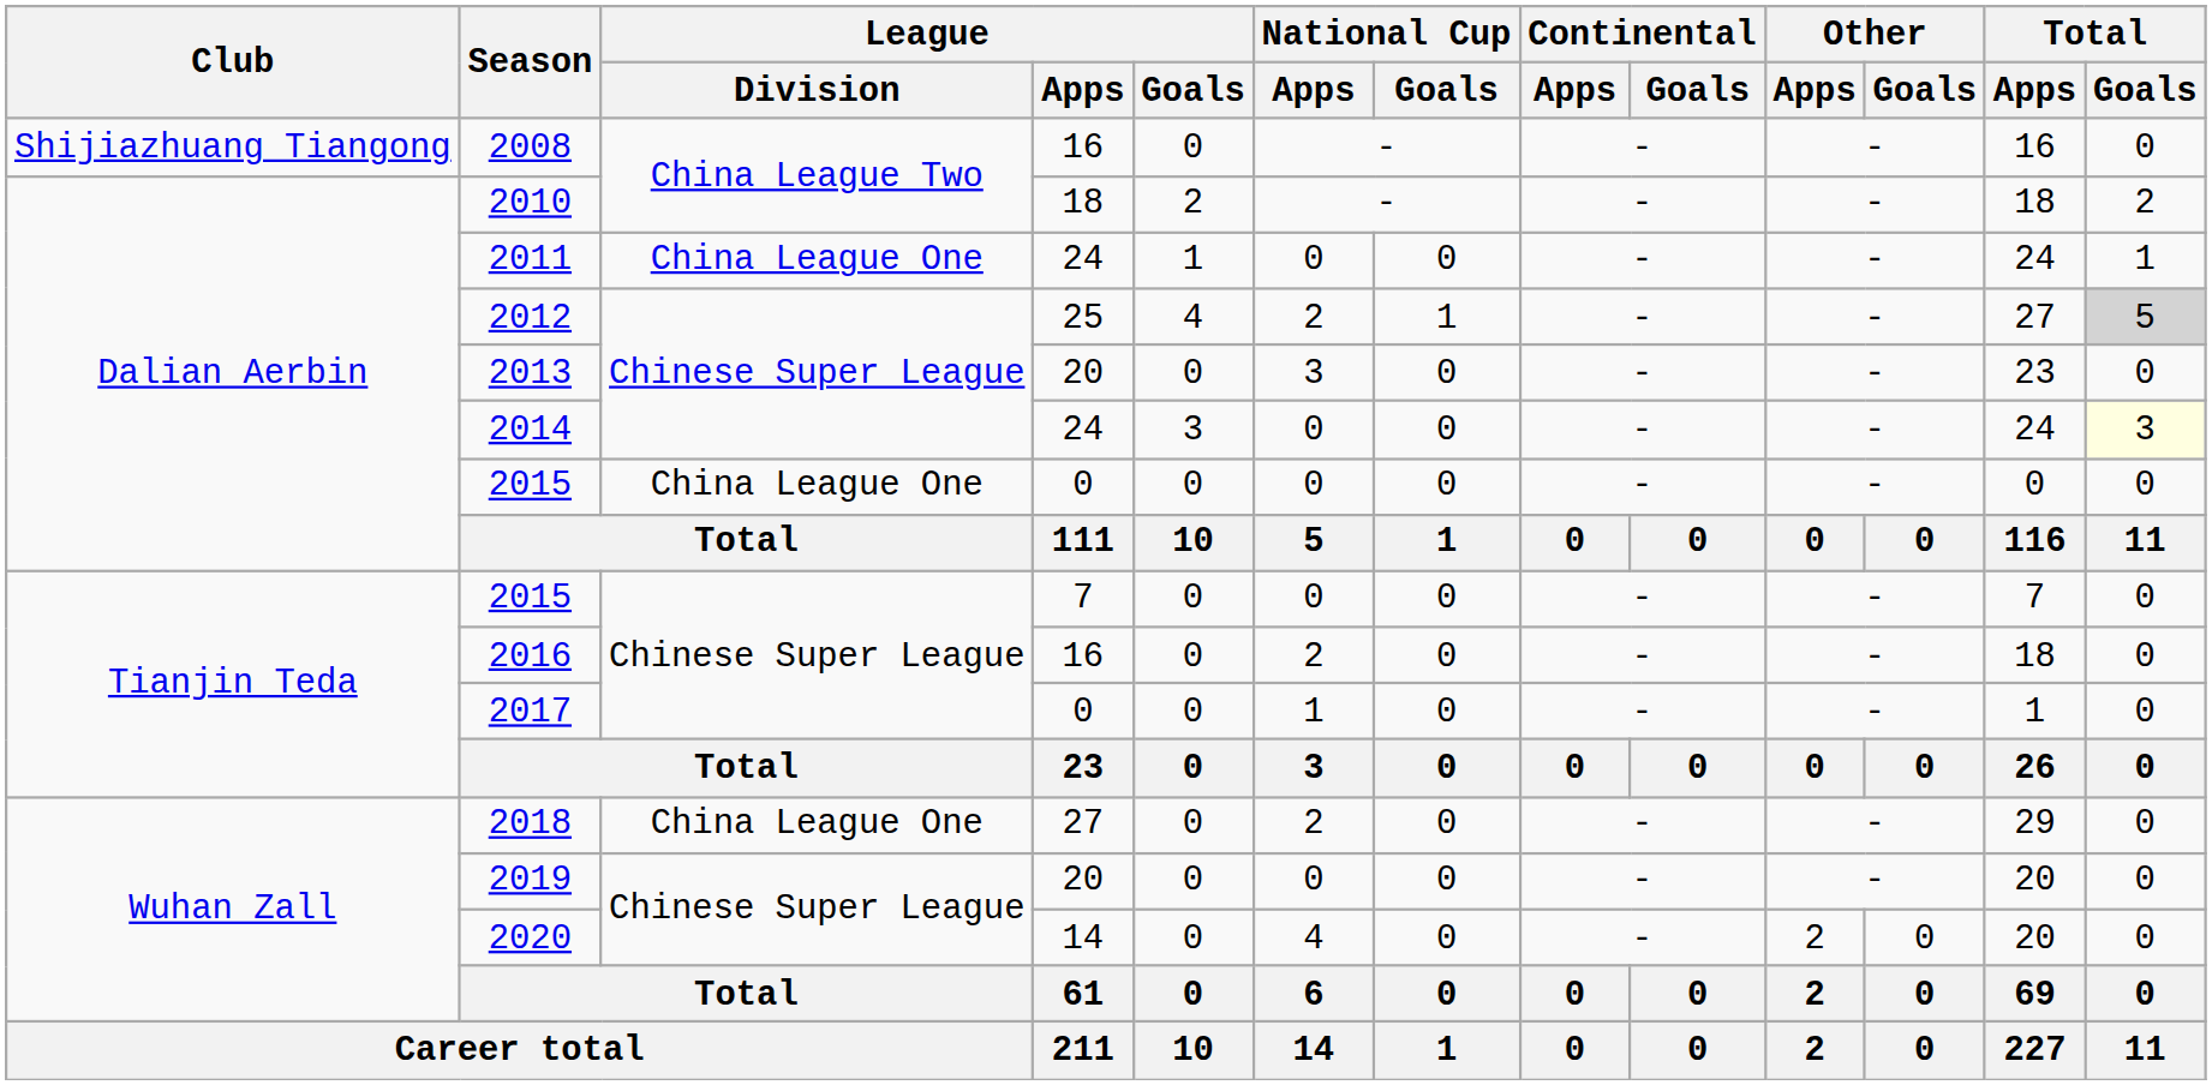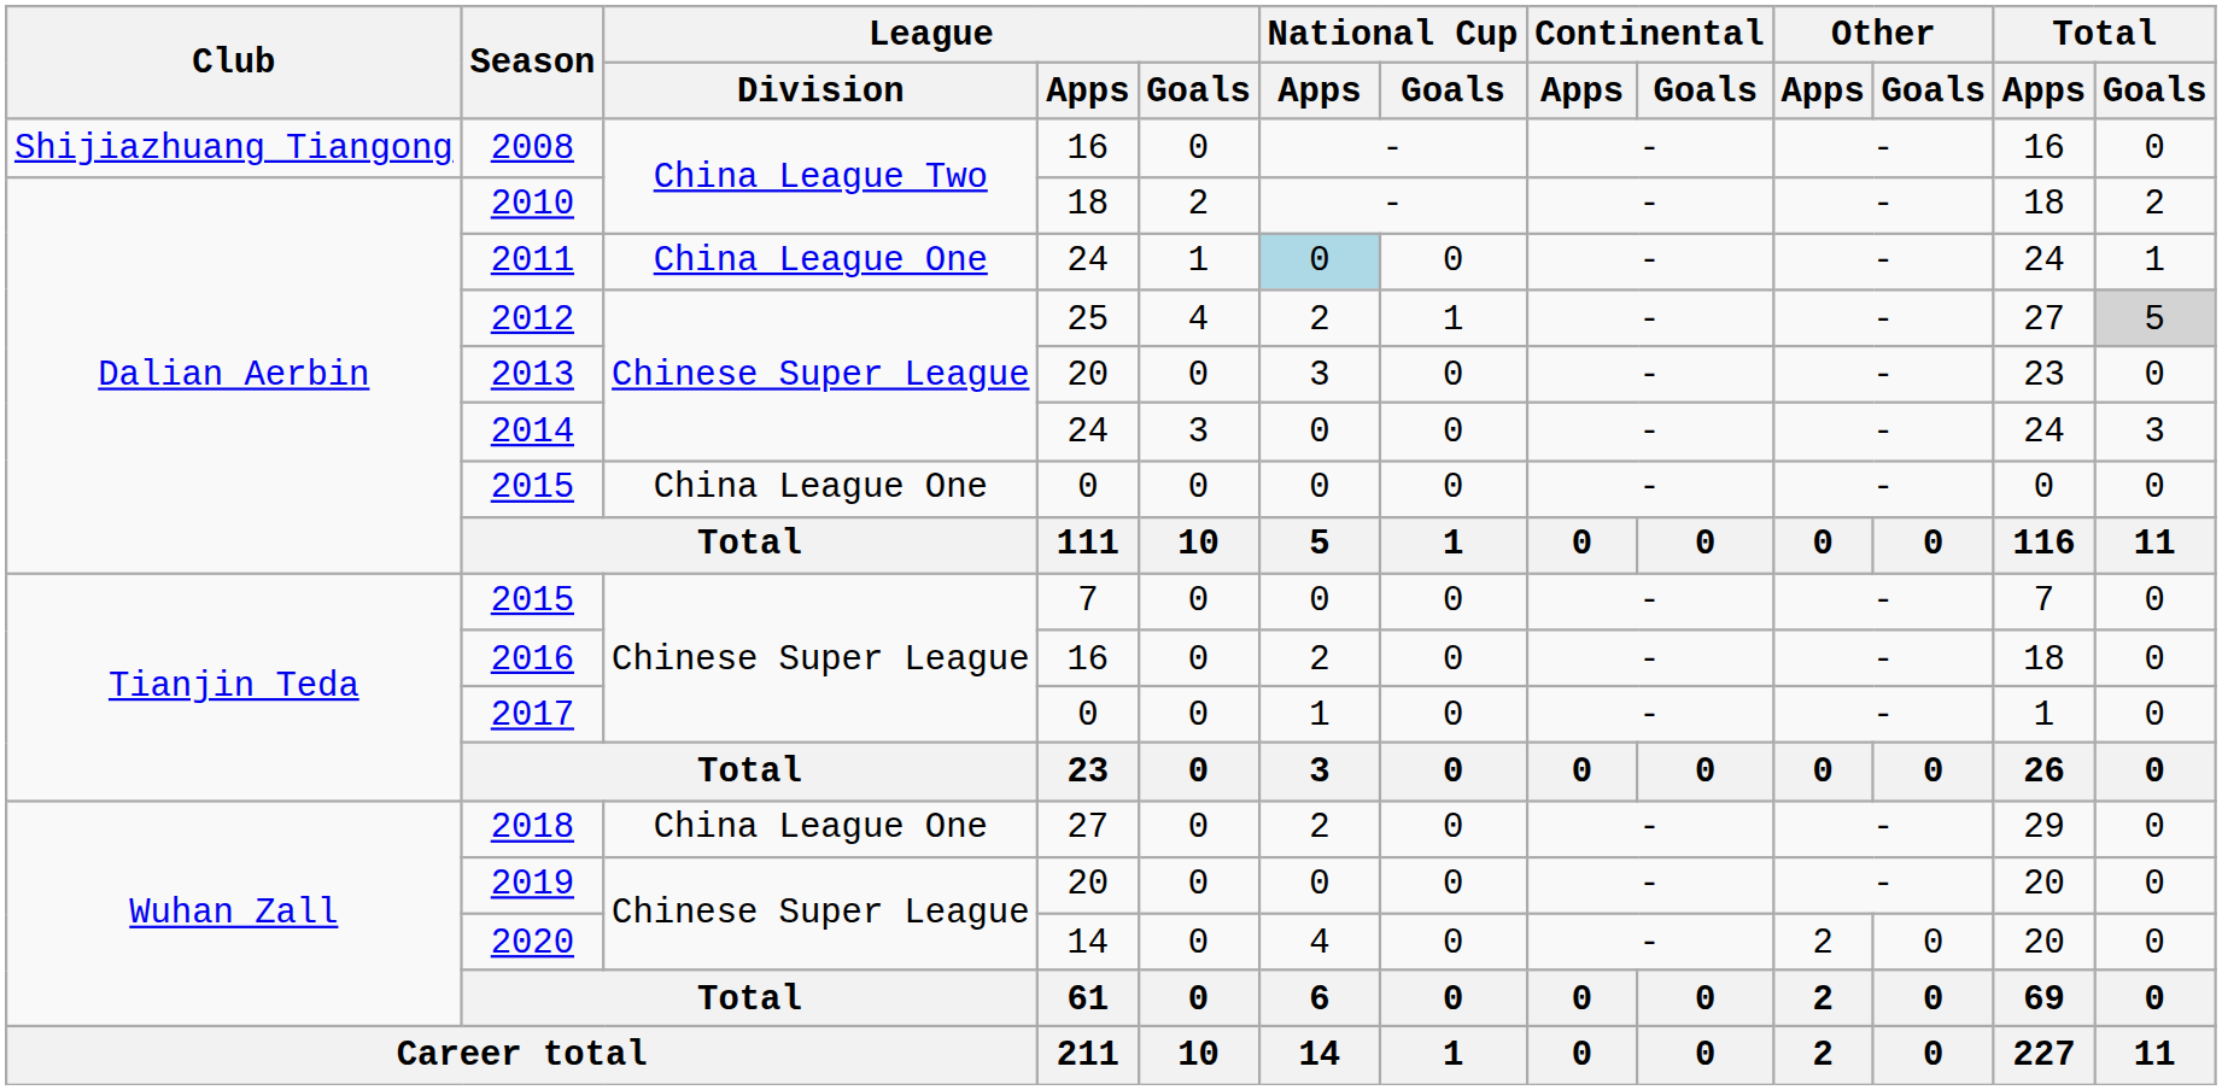 <table class="wikitable" style="text-align: center">
 <tr>
 <th rowspan="2">Club</th>
 <th rowspan="2">Season</th>
 <th colspan="3">League</th>
 <th colspan="2">National Cup</th>
 <th colspan="2">Continental</th>
 <th colspan="2">Other</th>
 <th colspan="2">Total</th>
 </tr>
 <tr>
 <th>Division</th>
 <th>Apps</th>
 <th>Goals</th>
 <th>Apps</th>
 <th>Goals</th>
 <th>Apps</th>
 <th>Goals</th>
 <th>Apps</th>
 <th>Goals</th>
 <th>Apps</th>
 <th>Goals</th>
 </tr>
 <tr>
 <td><a href='#'>Shijiazhuang Tiangong</a></td>
 <td><a href='#'>2008</a></td>
 <td rowspan="2"><a href='#'>China League Two</a></td>
 <td>16</td>
 <td>0</td>
 <td colspan="2">-</td>
 <td colspan="2">-</td>
 <td colspan="2">-</td>
 <td>16</td>
 <td>0</td>
 </tr>
 <tr>
 <td rowspan=7><a href='#'>Dalian Aerbin</a></td>
 <td><a href='#'>2010</a></td>
 <td>18</td>
 <td>2</td>
 <td colspan="2">-</td>
 <td colspan="2">-</td>
 <td colspan="2">-</td>
 <td>18</td>
 <td>2</td>
 </tr>
 <tr>
 <td><a href='#'>2011</a></td>
 <td><a href='#'>China League One</a></td>
 <td>24</td>
 <td>1</td>
-<td>0</td>
+<td style="background: lightblue;">0</td>
 <td>0</td>
 <td colspan="2">-</td>
 <td colspan="2">-</td>
 <td>24</td>
 <td>1</td>
 </tr>
 <tr>
 <td><a href='#'>2012</a></td>
 <td rowspan="3"><a href='#'>Chinese Super League</a></td>
 <td>25</td>
 <td>4</td>
 <td>2</td>
 <td>1</td>
 <td colspan="2">-</td>
 <td colspan="2">-</td>
 <td>27</td>
 <td style="background: lightgrey;">5</td>
 </tr>
 <tr>
 <td><a href='#'>2013</a></td>
 <td>20</td>
 <td>0</td>
 <td>3</td>
 <td>0</td>
 <td colspan="2">-</td>
 <td colspan="2">-</td>
 <td>23</td>
 <td>0</td>
 </tr>
 <tr>
 <td><a href='#'>2014</a></td>
 <td>24</td>
 <td>3</td>
 <td>0</td>
 <td>0</td>
 <td colspan="2">-</td>
 <td colspan="2">-</td>
 <td>24</td>
-<td style="background: lightyellow;">3</td>
+<td>3</td>
 </tr>
 <tr>
 <td><a href='#'>2015</a></td>
 <td>China League One</td>
 <td>0</td>
 <td>0</td>
 <td>0</td>
 <td>0</td>
 <td colspan="2">-</td>
 <td colspan="2">-</td>
 <td>0</td>
 <td>0</td>
 </tr>
 <tr>
 <th colspan="2"><strong>Total</strong></th>
 <th>111</th>
 <th>10</th>
 <th>5</th>
 <th>1</th>
 <th>0</th>
 <th>0</th>
 <th>0</th>
 <th>0</th>
 <th>116</th>
 <th>11</th>
 </tr>
 <tr>
 <td rowspan=4><a href='#'>Tianjin Teda</a></td>
 <td><a href='#'>2015</a></td>
 <td rowspan="3">Chinese Super League</td>
 <td>7</td>
 <td>0</td>
 <td>0</td>
 <td>0</td>
 <td colspan="2">-</td>
 <td colspan="2">-</td>
 <td>7</td>
 <td>0</td>
 </tr>
 <tr>
 <td><a href='#'>2016</a></td>
 <td>16</td>
 <td>0</td>
 <td>2</td>
 <td>0</td>
 <td colspan="2">-</td>
 <td colspan="2">-</td>
 <td>18</td>
 <td>0</td>
 </tr>
 <tr>
 <td><a href='#'>2017</a></td>
 <td>0</td>
 <td>0</td>
 <td>1</td>
 <td>0</td>
 <td colspan="2">-</td>
 <td colspan="2">-</td>
 <td>1</td>
 <td>0</td>
 </tr>
 <tr>
 <th colspan="2"><strong>Total</strong></th>
 <th>23</th>
 <th>0</th>
 <th>3</th>
 <th>0</th>
 <th>0</th>
 <th>0</th>
 <th>0</th>
 <th>0</th>
 <th>26</th>
 <th>0</th>
 </tr>
 <tr>
 <td rowspan=4><a href='#'>Wuhan Zall</a></td>
 <td><a href='#'>2018</a></td>
 <td>China League One</td>
 <td>27</td>
 <td>0</td>
 <td>2</td>
 <td>0</td>
 <td colspan="2">-</td>
 <td colspan="2">-</td>
 <td>29</td>
 <td>0</td>
 </tr>
 <tr>
 <td><a href='#'>2019</a></td>
 <td rowspan=2>Chinese Super League</td>
 <td>20</td>
 <td>0</td>
 <td>0</td>
 <td>0</td>
 <td colspan="2">-</td>
 <td colspan="2">-</td>
 <td>20</td>
 <td>0</td>
 </tr>
 <tr>
 <td><a href='#'>2020</a></td>
 <td>14</td>
 <td>0</td>
 <td>4</td>
 <td>0</td>
 <td colspan="2">-</td>
 <td>2</td>
 <td>0</td>
 <td>20</td>
 <td>0</td>
 </tr>
 <tr>
 <th colspan="2"><strong>Total</strong></th>
 <th>61</th>
 <th>0</th>
 <th>6</th>
 <th>0</th>
 <th>0</th>
 <th>0</th>
 <th>2</th>
 <th>0</th>
 <th>69</th>
 <th>0</th>
 </tr>
 <tr>
 <th colspan="3">Career total</th>
 <th>211</th>
 <th>10</th>
 <th>14</th>
 <th>1</th>
 <th>0</th>
 <th>0</th>
 <th>2</th>
 <th>0</th>
 <th>227</th>
 <th>11</th>
 </tr>
 </table>
